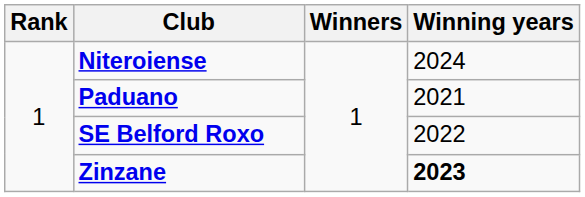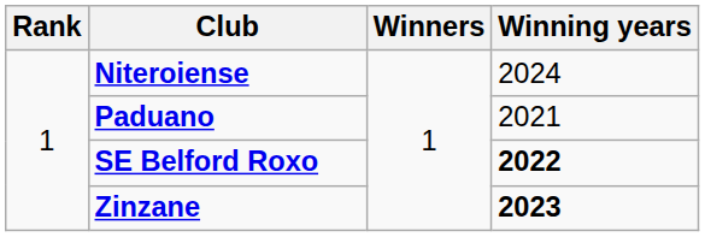 <table class="wikitable sortable">
 <tr>
 <th>Rank</th>
 <th style="width:150px">Club</th>
 <th>Winners</th>
 <th>Winning years</th>
 </tr>
 <tr>
 <td rowspan=4 align=center>1</td>
 <td><strong><a href='#'>Niteroiense</a></strong></td>
 <td rowspan=4 align=center>1</td>
 <td>2024</td>
 </tr>
 <tr>
 <td><strong><a href='#'>Paduano</a></strong></td>
 <td>2021</td>
 </tr>
 <tr>
 <td><strong><a href='#'>SE Belford Roxo</a></strong></td>
-<td>2022</td>
+<td><strong>2022</strong></td>
 </tr>
 <tr>
 <td><strong><a href='#'>Zinzane</a></strong></td>
 <td><strong>2023</strong></td>
 </tr>
 </table>
